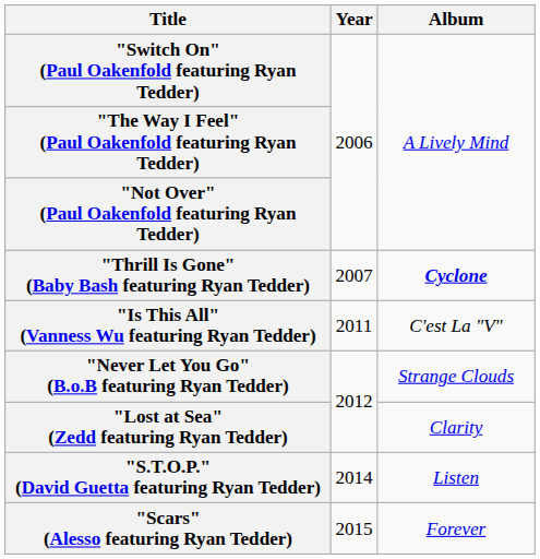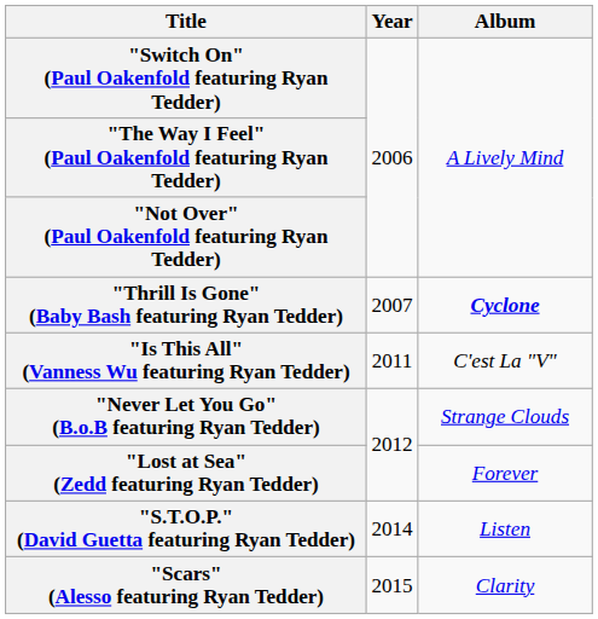 <table class="wikitable plainrowheaders" style="text-align:center;">
 <tr>
 <th scope="col" style="width:17em;">Title</th>
 <th scope="col" style="width:2em;">Year</th>
 <th scope="col" style="width:8em;">Album</th>
 </tr>
 <tr>
 <th scope="row">"Switch On"<br><span>(<a href='#'>Paul Oakenfold</a> featuring Ryan Tedder)</span></th>
 <td rowspan="3">2006</td>
 <td rowspan="3"><em><a href='#'>A Lively Mind</a></em></td>
 </tr>
 <tr>
 <th scope="row">"The Way I Feel"<br><span>(<a href='#'>Paul Oakenfold</a> featuring Ryan Tedder)</span></th>
 </tr>
 <tr>
 <th scope="row">"Not Over"<br><span>(<a href='#'>Paul Oakenfold</a> featuring Ryan Tedder)</span></th>
 </tr>
 <tr>
 <th scope="row">"Thrill Is Gone"<br><span>(<a href='#'>Baby Bash</a> featuring Ryan Tedder)</span></th>
 <td>2007</td>
 <td><strong><em><a href='#'>Cyclone</a></em></strong></td>
 </tr>
 <tr>
 <th scope="row">"Is This All"<br><span>(<a href='#'>Vanness Wu</a> featuring Ryan Tedder)</span></th>
 <td>2011</td>
 <td><em>C'est La "V"</em></td>
 </tr>
 <tr>
 <th scope="row">"Never Let You Go"<br><span>(<a href='#'>B.o.B</a> featuring Ryan Tedder)</span></th>
 <td rowspan="2">2012</td>
 <td><em><a href='#'>Strange Clouds</a></em></td>
 </tr>
 <tr>
 <th scope="row">"Lost at Sea"<br><span>(<a href='#'>Zedd</a> featuring Ryan Tedder)</span></th>
-<td><em><a href='#'>Clarity</a></em></td>
+<td><em><a href='#'>Forever</a></em></td>
 </tr>
 <tr>
 <th scope="row">"S.T.O.P."<br><span>(<a href='#'>David Guetta</a> featuring Ryan Tedder)</span></th>
 <td>2014</td>
 <td><em><a href='#'>Listen</a></em></td>
 </tr>
 <tr>
 <th scope="row">"Scars"<br><span>(<a href='#'>Alesso</a> featuring Ryan Tedder)</span></th>
 <td>2015</td>
-<td><em><a href='#'>Forever</a></em></td>
+<td><em><a href='#'>Clarity</a></em></td>
 </tr>
 </table>
